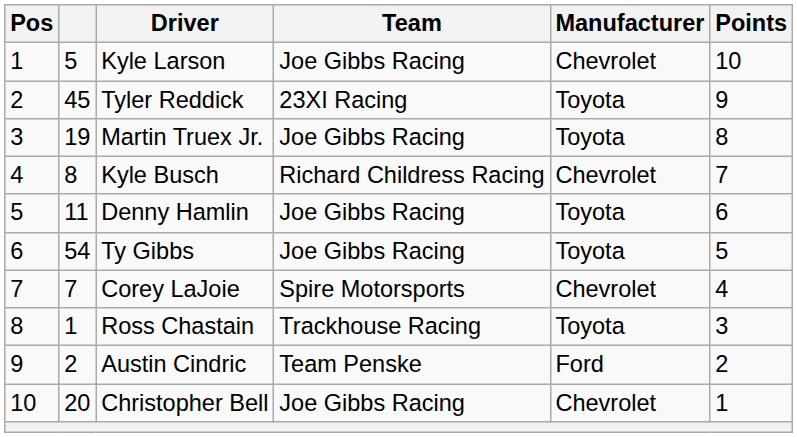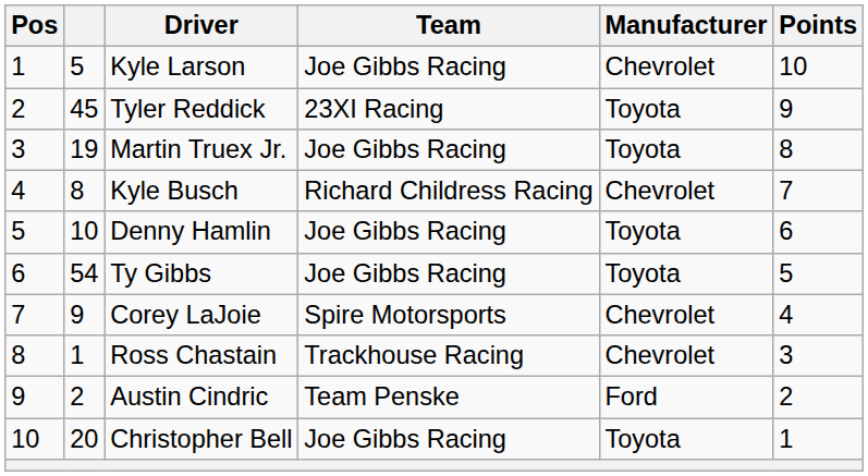 <table class="wikitable" style="font-size:98%">
 <tr>
 <th>Pos</th>
 <th></th>
 <th>Driver</th>
 <th>Team</th>
 <th>Manufacturer</th>
 <th>Points</th>
 </tr>
 <tr>
 <td>1</td>
 <td>5</td>
 <td>Kyle Larson</td>
 <td>Joe Gibbs Racing</td>
 <td>Chevrolet</td>
 <td>10</td>
 </tr>
 <tr>
 <td>2</td>
 <td>45</td>
 <td>Tyler Reddick</td>
 <td>23XI Racing</td>
 <td>Toyota</td>
 <td>9</td>
 </tr>
 <tr>
 <td>3</td>
 <td>19</td>
 <td>Martin Truex Jr.</td>
 <td>Joe Gibbs Racing</td>
 <td>Toyota</td>
 <td>8</td>
 </tr>
 <tr>
 <td>4</td>
 <td>8</td>
 <td>Kyle Busch</td>
 <td>Richard Childress Racing</td>
 <td>Chevrolet</td>
 <td>7</td>
 </tr>
 <tr>
 <td>5</td>
-<td>11</td>
+<td>10</td>
 <td>Denny Hamlin</td>
 <td>Joe Gibbs Racing</td>
 <td>Toyota</td>
 <td>6</td>
 </tr>
 <tr>
 <td>6</td>
 <td>54</td>
 <td>Ty Gibbs</td>
 <td>Joe Gibbs Racing</td>
 <td>Toyota</td>
 <td>5</td>
 </tr>
 <tr>
 <td>7</td>
-<td>7</td>
+<td>9</td>
 <td>Corey LaJoie</td>
 <td>Spire Motorsports</td>
 <td>Chevrolet</td>
 <td>4</td>
 </tr>
 <tr>
 <td>8</td>
 <td>1</td>
 <td>Ross Chastain</td>
 <td>Trackhouse Racing</td>
-<td>Toyota</td>
+<td>Chevrolet</td>
 <td>3</td>
 </tr>
 <tr>
 <td>9</td>
 <td>2</td>
 <td>Austin Cindric</td>
 <td>Team Penske</td>
 <td>Ford</td>
 <td>2</td>
 </tr>
 <tr>
 <td>10</td>
 <td>20</td>
 <td>Christopher Bell</td>
 <td>Joe Gibbs Racing</td>
-<td>Chevrolet</td>
+<td>Toyota</td>
 <td>1</td>
 </tr>
 <tr>
 <th colspan="6"></th>
 </tr>
 </table>
